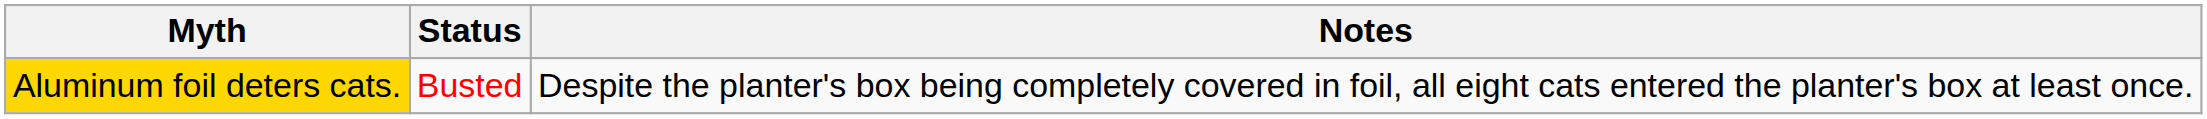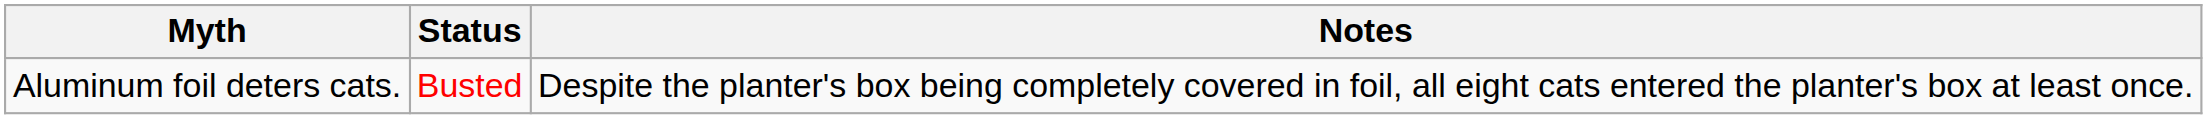 <table class="wikitable plainrowheaders">
 <tr>
 <th scope"col">Myth</th>
 <th scope"col">Status</th>
 <th scope"col">Notes</th>
 </tr>
 <tr>
-<td scope"row" style="background: gold;">Aluminum foil deters cats.</td>
+<td scope"row">Aluminum foil deters cats.</td>
 <td style="color:red">Busted</td>
 <td>Despite the planter's box being completely covered in foil, all eight cats entered the planter's box at least once.</td>
 </tr>
 </table>
